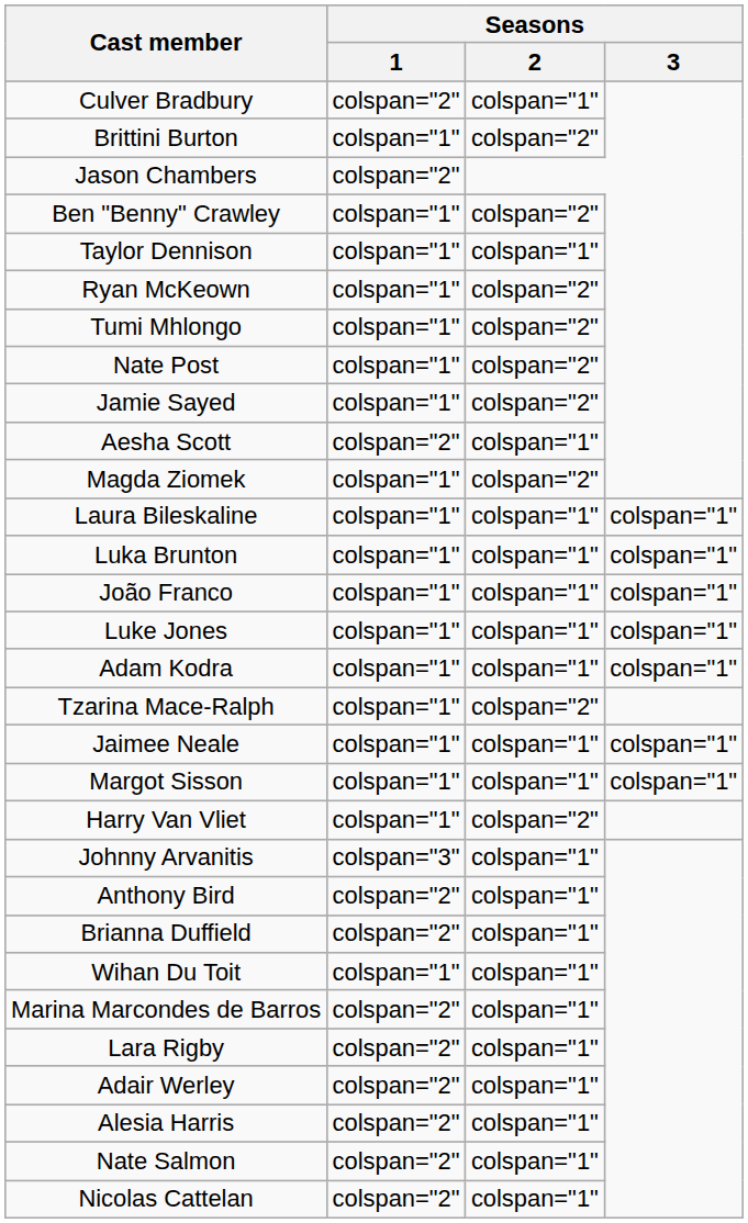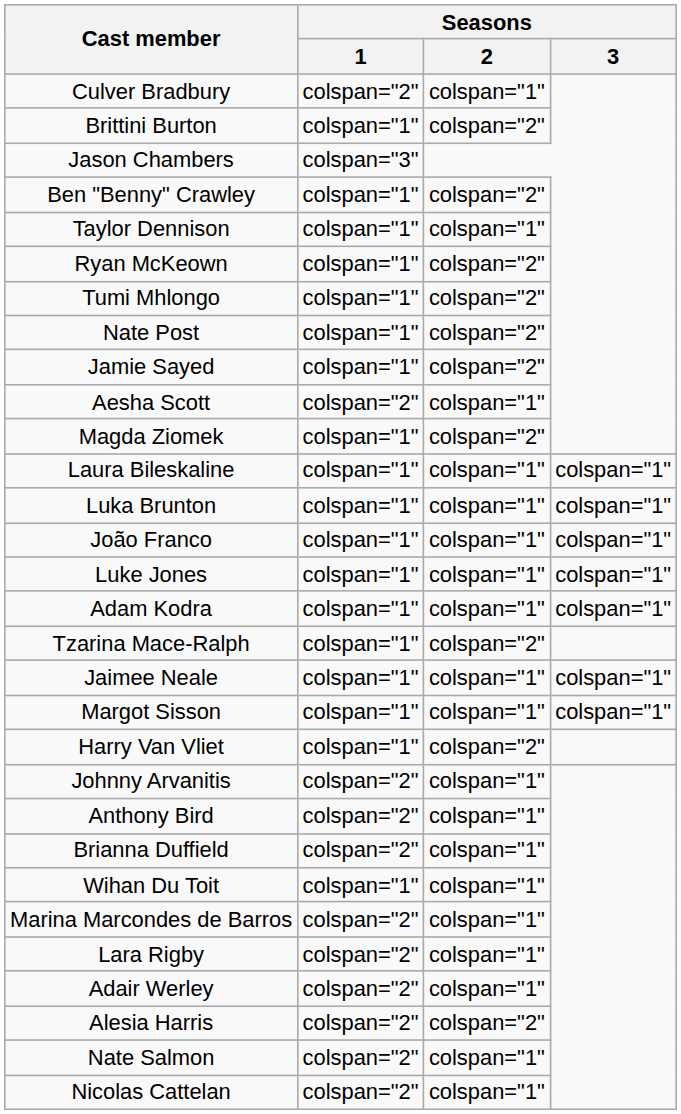 <table class="wikitable plainrowheaders" style="text-align:center; font-size:85%">
 <tr>
 <th scope="col" rowspan="2">Cast member</th>
 <th colspan="10">Seasons</th>
 </tr>
 <tr>
 <th scope="col">1</th>
 <th scope="col">2</th>
 <th scope="col">3</th>
 </tr>
 <tr>
 <td>Culver Bradbury</td>
 <td>colspan="2" </td>
 <td>colspan="1" </td>
 </tr>
 <tr>
 <td>Brittini Burton</td>
 <td>colspan="1" </td>
 <td>colspan="2" </td>
 </tr>
 <tr>
 <td>Jason Chambers</td>
-<td>colspan="2" </td>
+<td>colspan="3" </td>
 </tr>
 <tr>
 <td>Ben "Benny" Crawley</td>
 <td>colspan="1" </td>
 <td>colspan="2" </td>
 </tr>
 <tr>
 <td>Taylor Dennison</td>
 <td>colspan="1" </td>
 <td>colspan="1" </td>
 </tr>
 <tr>
 <td>Ryan McKeown</td>
 <td>colspan="1" </td>
 <td>colspan="2" </td>
 </tr>
 <tr>
 <td>Tumi Mhlongo</td>
 <td>colspan="1" </td>
 <td>colspan="2" </td>
 </tr>
 <tr>
 <td>Nate Post</td>
 <td>colspan="1" </td>
 <td>colspan="2" </td>
 </tr>
 <tr>
 <td>Jamie Sayed</td>
 <td>colspan="1" </td>
 <td>colspan="2" </td>
 </tr>
 <tr>
 <td>Aesha Scott</td>
 <td>colspan="2" </td>
 <td>colspan="1" </td>
 </tr>
 <tr>
 <td>Magda Ziomek</td>
 <td>colspan="1" </td>
 <td>colspan="2" </td>
 </tr>
 <tr>
 <td>Laura Bileskaline</td>
 <td>colspan="1" </td>
 <td>colspan="1" </td>
 <td>colspan="1" </td>
 </tr>
 <tr>
 <td>Luka Brunton</td>
 <td>colspan="1" </td>
 <td>colspan="1" </td>
 <td>colspan="1" </td>
 </tr>
 <tr>
 <td>João Franco</td>
 <td>colspan="1" </td>
 <td>colspan="1" </td>
 <td>colspan="1" </td>
 </tr>
 <tr>
 <td>Luke Jones</td>
 <td>colspan="1" </td>
 <td>colspan="1" </td>
 <td>colspan="1" </td>
 </tr>
 <tr>
 <td>Adam Kodra</td>
 <td>colspan="1" </td>
 <td>colspan="1" </td>
 <td>colspan="1" </td>
 </tr>
 <tr>
 <td>Tzarina Mace-Ralph</td>
 <td>colspan="1" </td>
 <td>colspan="2" </td>
 </tr>
 <tr>
 <td>Jaimee Neale</td>
 <td>colspan="1" </td>
 <td>colspan="1" </td>
 <td>colspan="1" </td>
 </tr>
 <tr>
 <td>Margot Sisson</td>
 <td>colspan="1" </td>
 <td>colspan="1" </td>
 <td>colspan="1" </td>
 </tr>
 <tr>
 <td>Harry Van Vliet</td>
 <td>colspan="1" </td>
 <td>colspan="2" </td>
 <td></td>
 </tr>
 <tr>
 <td>Johnny Arvanitis</td>
-<td>colspan="3" </td>
+<td>colspan="2" </td>
 <td>colspan="1" </td>
 </tr>
 <tr>
 <td>Anthony Bird</td>
 <td>colspan="2" </td>
 <td>colspan="1" </td>
 </tr>
 <tr>
 <td>Brianna Duffield</td>
 <td>colspan="2" </td>
 <td>colspan="1" </td>
 </tr>
 <tr>
 <td>Wihan Du Toit</td>
 <td>colspan="1" </td>
 <td>colspan="1" </td>
 </tr>
 <tr>
 <td>Marina Marcondes de Barros</td>
 <td>colspan="2" </td>
 <td>colspan="1" </td>
 </tr>
 <tr>
 <td>Lara Rigby</td>
 <td>colspan="2" </td>
 <td>colspan="1" </td>
 </tr>
 <tr>
 <td>Adair Werley</td>
 <td>colspan="2" </td>
 <td>colspan="1" </td>
 </tr>
 <tr>
 <td>Alesia Harris</td>
 <td>colspan="2" </td>
-<td>colspan="1" </td>
+<td>colspan="2" </td>
 </tr>
 <tr>
 <td>Nate Salmon</td>
 <td>colspan="2" </td>
 <td>colspan="1" </td>
 </tr>
 <tr>
 <td>Nicolas Cattelan</td>
 <td>colspan="2" </td>
 <td>colspan="1" </td>
 </tr>
 </table>
